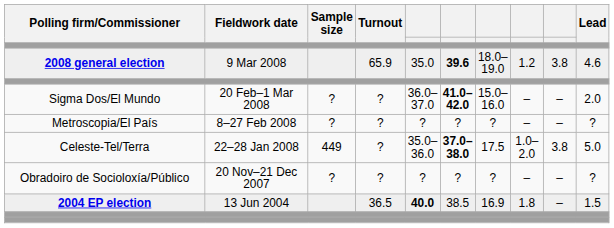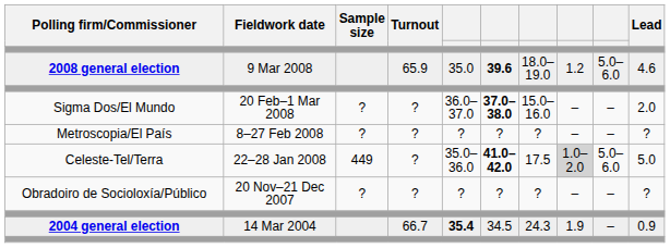 <table class="wikitable collapsible collapsed" style="text-align:center; font-size:95%; line-height:16px;">
 <tr style="height:42px;">
 <th style="width:250px;" rowspan="2">Polling firm/Commissioner</th>
 <th style="width:125px;" rowspan="2">Fieldwork date</th>
 <th style="width:50px;" rowspan="2">Sample size</th>
 <th style="width:45px;" rowspan="2">Turnout</th>
 <th style="width:35px;"></th>
 <th style="width:35px;"></th>
 <th style="width:35px;"></th>
 <th style="width:35px;"></th>
 <th style="width:35px;"></th>
 <th style="width:30px;" rowspan="2">Lead</th>
 </tr>
 <tr>
 <th style="color:inherit;background:"></th>
 <th style="color:inherit;background:"></th>
 <th style="color:inherit;background:"></th>
 <th style="color:inherit;background:"></th>
 <th style="color:inherit;background:"></th>
 </tr>
 <tr>
 <td colspan="10" style="background:#A0A0A0"></td>
 </tr>
 <tr style="background:#EFEFEF;">
 <td><strong><a href='#'>2008 general election</a></strong></td>
 <td>9 Mar 2008</td>
 <td></td>
 <td>65.9</td>
 <td>35.0<br></td>
 <td><strong>39.6</strong><br></td>
 <td>18.0–<br>19.0<br></td>
 <td>1.2<br></td>
-<td>3.8<br></td>
+<td>5.0–<br>6.0<br></td>
 <td style="background:">4.6</td>
 </tr>
 <tr>
 <td colspan="10" style="background:#A0A0A0"></td>
 </tr>
 <tr>
 <td>Sigma Dos/El Mundo</td>
 <td>20 Feb–1 Mar 2008</td>
 <td>?</td>
 <td>?</td>
 <td>36.0–<br>37.0<br></td>
-<td><strong>41.0–<br>42.0</strong><br></td>
+<td><strong>37.0–<br>38.0</strong><br></td>
 <td>15.0–<br>16.0<br></td>
 <td>–</td>
 <td>–</td>
 <td style="background:">2.0</td>
 </tr>
 <tr>
 <td>Metroscopia/El País</td>
 <td>8–27 Feb 2008</td>
 <td>?</td>
 <td>?</td>
 <td>?<br></td>
 <td>?<br></td>
 <td>?<br></td>
 <td>–</td>
 <td>–</td>
 <td style="background:">?</td>
 </tr>
 <tr>
 <td>Celeste-Tel/Terra</td>
 <td>22–28 Jan 2008</td>
 <td>449</td>
 <td>?</td>
 <td>35.0–<br>36.0<br></td>
-<td><strong>37.0–<br>38.0</strong><br></td>
+<td><strong>41.0–<br>42.0</strong><br></td>
 <td>17.5<br></td>
-<td>1.0–<br>2.0<br></td>
-<td>3.8<br></td>
+<td style="background: lightgrey;">1.0–<br>2.0<br></td>
+<td>5.0–<br>6.0<br></td>
 <td style="background:">5.0</td>
 </tr>
 <tr>
 <td>Obradoiro de Socioloxía/Público</td>
 <td>20 Nov–21 Dec 2007</td>
 <td>?</td>
 <td>?</td>
 <td>?<br></td>
 <td>?<br></td>
 <td>?<br></td>
 <td>–</td>
 <td>–</td>
 <td style="background:">?</td>
 </tr>
-<tr style="background:#EFEFEF;">
-<td><strong><a href='#'>2004 EP election</a></strong></td>
-<td>13 Jun 2004</td>
-<td></td>
-<td>36.5</td>
-<td><strong>40.0</strong><br></td>
-<td>38.5<br></td>
-<td>16.9<br></td>
-<td>1.8<br></td>
-<td>–</td>
-<td style="background:">1.5</td>
-</tr>
 <tr>
 <td colspan="10" style="background:#A0A0A0"></td>
+</tr>
+<tr style="background:#EFEFEF;">
+<td><strong><a href='#'>2004 general election</a></strong></td>
+<td>14 Mar 2004</td>
+<td></td>
+<td>66.7</td>
+<td><strong>35.4</strong><br></td>
+<td>34.5<br></td>
+<td>24.3<br></td>
+<td>1.9<br></td>
+<td>–</td>
+<td style="background:">0.9</td>
 </tr>
 <tr>
 <td colspan="10" style="background:#A0A0A0"></td>
 </tr>
 </table>
